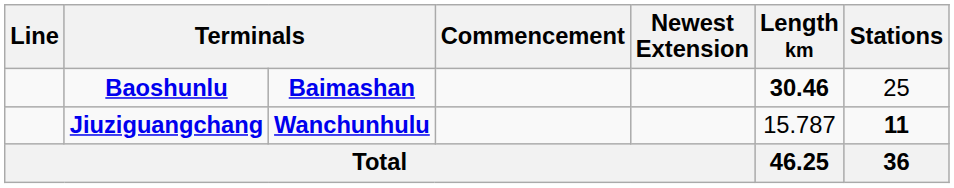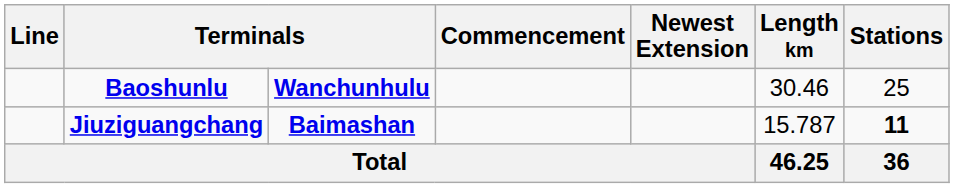 <table class="wikitable sortable" style="cell-padding:1.5; text-align:center;">
 <tr>
 <th>Line</th>
 <th class="unsortable" colspan="2">Terminals</th>
 <th>Commencement</th>
 <th>Newest<br>Extension</th>
 <th>Length<br><small>km</small></th>
 <th>Stations</th>
 </tr>
 <tr>
 <td></td>
 <td><strong><a href='#'>Baoshunlu</a></strong></td>
-<td><strong><a href='#'>Baimashan</a></strong></td>
+<td><strong><a href='#'>Wanchunhulu</a></strong></td>
 <td></td>
 <td></td>
-<td><strong>30.46</strong></td>
+<td>30.46</td>
 <td>25</td>
 </tr>
 <tr>
 <td></td>
 <td><strong><a href='#'>Jiuziguangchang</a></strong></td>
-<td><strong><a href='#'>Wanchunhulu</a></strong></td>
+<td><strong><a href='#'>Baimashan</a></strong></td>
 <td></td>
 <td></td>
 <td>15.787</td>
 <td><strong>11</strong></td>
 </tr>
 <tr class="sortbottom">
 <th colspan="5">Total</th>
 <th>46.25</th>
 <th>36</th>
 </tr>
 </table>
